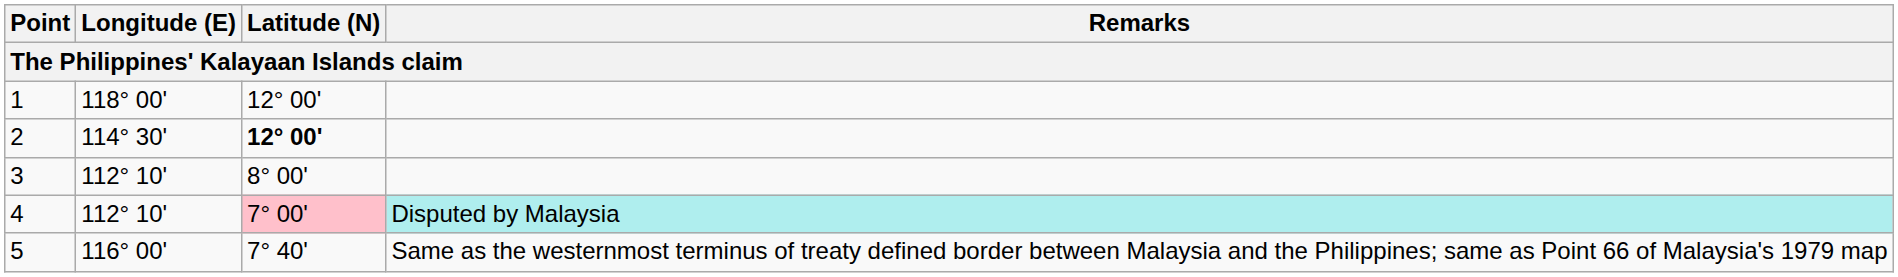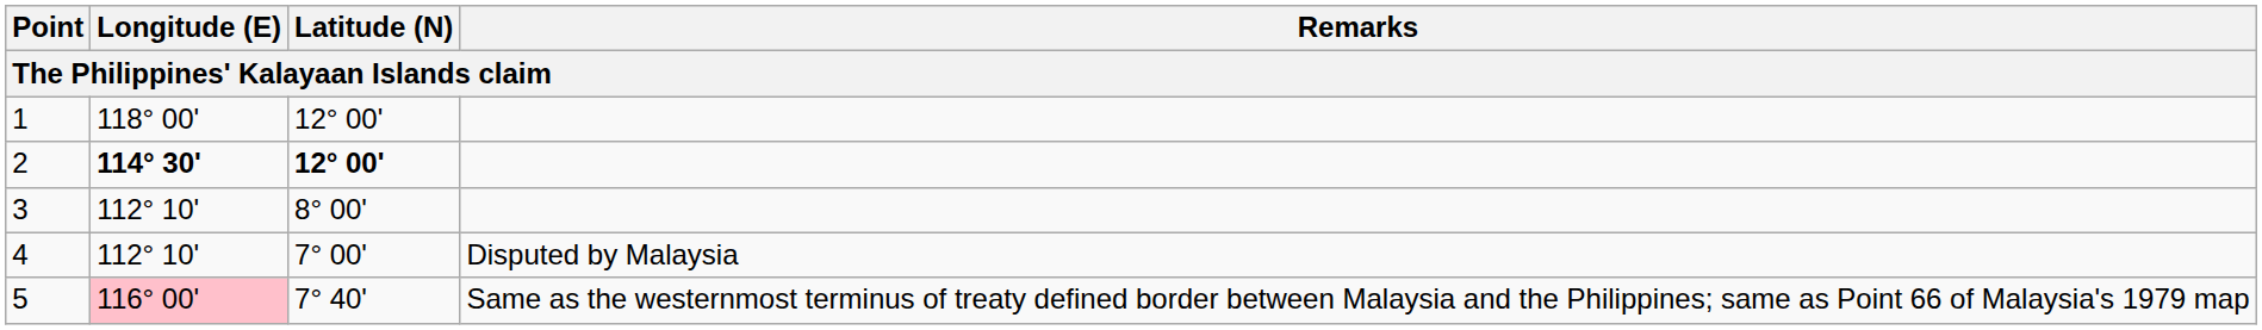 <table class="wikitable">
 <tr>
 <th>Point</th>
 <th>Longitude (E)</th>
 <th>Latitude (N)</th>
 <th>Remarks</th>
 </tr>
 <tr>
 <th colspan="5" style="text-align:left">The Philippines' Kalayaan Islands claim</th>
 </tr>
 <tr>
 <td>1</td>
 <td>118° 00'</td>
 <td>12° 00'</td>
 <td></td>
 </tr>
 <tr>
 <td>2</td>
-<td>114° 30'</td>
+<td><strong>114° 30'</strong></td>
 <td><strong>12° 00'</strong></td>
 <td></td>
 </tr>
 <tr>
 <td>3</td>
 <td>112° 10'</td>
 <td>8° 00'</td>
 <td></td>
 </tr>
 <tr>
 <td>4</td>
 <td>112° 10'</td>
-<td style="background: pink;">7° 00'</td>
-<td style="background: paleturquoise;">Disputed by Malaysia</td>
+<td>7° 00'</td>
+<td>Disputed by Malaysia</td>
 </tr>
 <tr>
 <td>5</td>
-<td>116° 00'</td>
+<td style="background: pink;">116° 00'</td>
 <td>7° 40'</td>
 <td>Same as the westernmost terminus of treaty defined border between Malaysia and the Philippines; same as Point 66 of Malaysia's 1979 map</td>
 </tr>
 </table>
